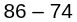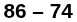 <table style="text-align:center;">
 <tr>
 <th width=200></th>
 <th width=100></th>
 <th width=200></th>
 <th></th>
 </tr>
 <tr>
 <td align=right><strong></strong></td>
-<td>86 – 74</td>
+<td><strong>86 – 74</strong></td>
 <td align=left></td>
 </tr>
 </table>
